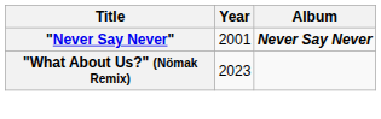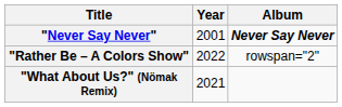 <table class="wikitable plainrowheaders" style="text-align:center;" border="1">
 <tr>
 <th scope="col" style="width:14em;">Title</th>
 <th scope="col">Year</th>
 <th scope="col">Album</th>
 </tr>
 <tr>
 <th scope="row">"<a href='#'>Never Say Never</a>"</th>
 <td>2001</td>
 <td><strong><em>Never Say Never</em></strong></td>
 </tr>
 <tr>
+<th scope="row">"Rather Be – A Colors Show"</th>
+<td>2022</td>
+<td>rowspan="2" </td>
+</tr>
+<tr>
 <th scope="row">"What About Us?" <small>(Nömak Remix)</small></th>
-<td>2023</td>
+<td>2021</td>
 </tr>
 </table>
